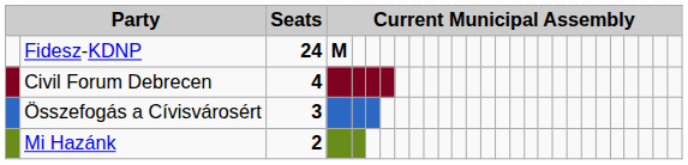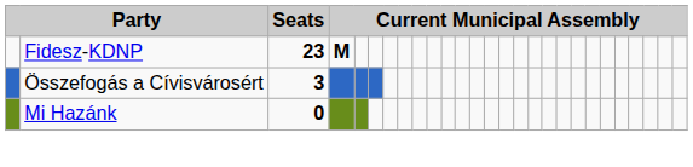 <table class="wikitable">
 <tr>
 <th style="background:#ccc" colspan="2">Party</th>
 <th style="background:#ccc">Seats</th>
 <th style="background:#ccc" colspan="24">Current Municipal Assembly</th>
 </tr>
 <tr>
 <td style="background-color: "> </td>
 <td><a href='#'>Fidesz</a>-<a href='#'>KDNP</a></td>
-<td style="text-align: right"><strong>24</strong></td>
+<td style="text-align: right"><strong>23</strong></td>
 <td style="background-color: "><span><strong>M</strong></span></td>
 <td style="background-color: "> </td>
 <td style="background-color: "> </td>
 <td style="background-color: "> </td>
 <td style="background-color: "> </td>
 <td style="background-color: "> </td>
 <td style="background-color: "> </td>
 <td style="background-color: "> </td>
 <td style="background-color: "> </td>
 <td style="background-color: "> </td>
 <td style="background-color: "> </td>
 <td style="background-color: "> </td>
 <td style="background-color: "> </td>
 <td style="background-color: "> </td>
 <td style="background-color: "> </td>
 <td style="background-color: "> </td>
 <td style="background-color: "> </td>
 <td style="background-color: "> </td>
 <td style="background-color: "> </td>
 <td style="background-color: "> </td>
 <td style="background-color: "> </td>
 <td style="background-color: "> </td>
 <td style="background-color: "> </td>
 <td style="background-color: "> </td>
-</tr>
-<tr>
-<td style="background-color: #800020  "> </td>
-<td>Civil Forum Debrecen</td>
-<td style="text-align: right"><strong>4</strong></td>
-<td style="background-color: #800020 "> </td>
-<td style="background-color: #800020 "> </td>
-<td style="background-color: #800020 "> </td>
-<td style="background-color: #800020 "> </td>
-<td> </td>
-<td> </td>
-<td> </td>
-<td> </td>
-<td> </td>
-<td> </td>
-<td> </td>
-<td> </td>
-<td> </td>
-<td> </td>
-<td> </td>
-<td> </td>
-<td> </td>
-<td> </td>
-<td> </td>
-<td> </td>
-<td> </td>
-<td> </td>
-<td> </td>
-<td> </td>
 </tr>
 <tr>
 <td style="background-color: #2D68C4  "> </td>
 <td>Összefogás a Cívisvárosért</td>
 <td style="text-align: right"><strong>3</strong></td>
 <td style="background-color: #2D68C4 "> </td>
 <td style="background-color: #2D68C4 "> </td>
 <td style="background-color: #2D68C4 "> </td>
 <td> </td>
 <td> </td>
 <td> </td>
 <td> </td>
 <td> </td>
 <td> </td>
 <td> </td>
 <td> </td>
 <td> </td>
 <td> </td>
 <td> </td>
 <td> </td>
 <td> </td>
 <td> </td>
 <td> </td>
 <td> </td>
 <td> </td>
 <td> </td>
 <td> </td>
 <td> </td>
 <td> </td>
 </tr>
 <tr>
 <td style="background-color: #688D1B  "> </td>
 <td><a href='#'>Mi Hazánk</a></td>
-<td style="text-align: right"><strong>2</strong></td>
+<td style="text-align: right"><strong>0</strong></td>
 <td style="background-color: #688D1B "> </td>
 <td style="background-color: #688D1B "> </td>
 <td> </td>
 <td> </td>
 <td> </td>
 <td> </td>
 <td> </td>
 <td> </td>
 <td> </td>
 <td> </td>
 <td> </td>
 <td> </td>
 <td> </td>
 <td> </td>
 <td> </td>
 <td> </td>
 <td> </td>
 <td> </td>
 <td> </td>
 <td> </td>
 <td> </td>
 <td> </td>
 <td> </td>
 <td> </td>
 </tr>
 </table>
